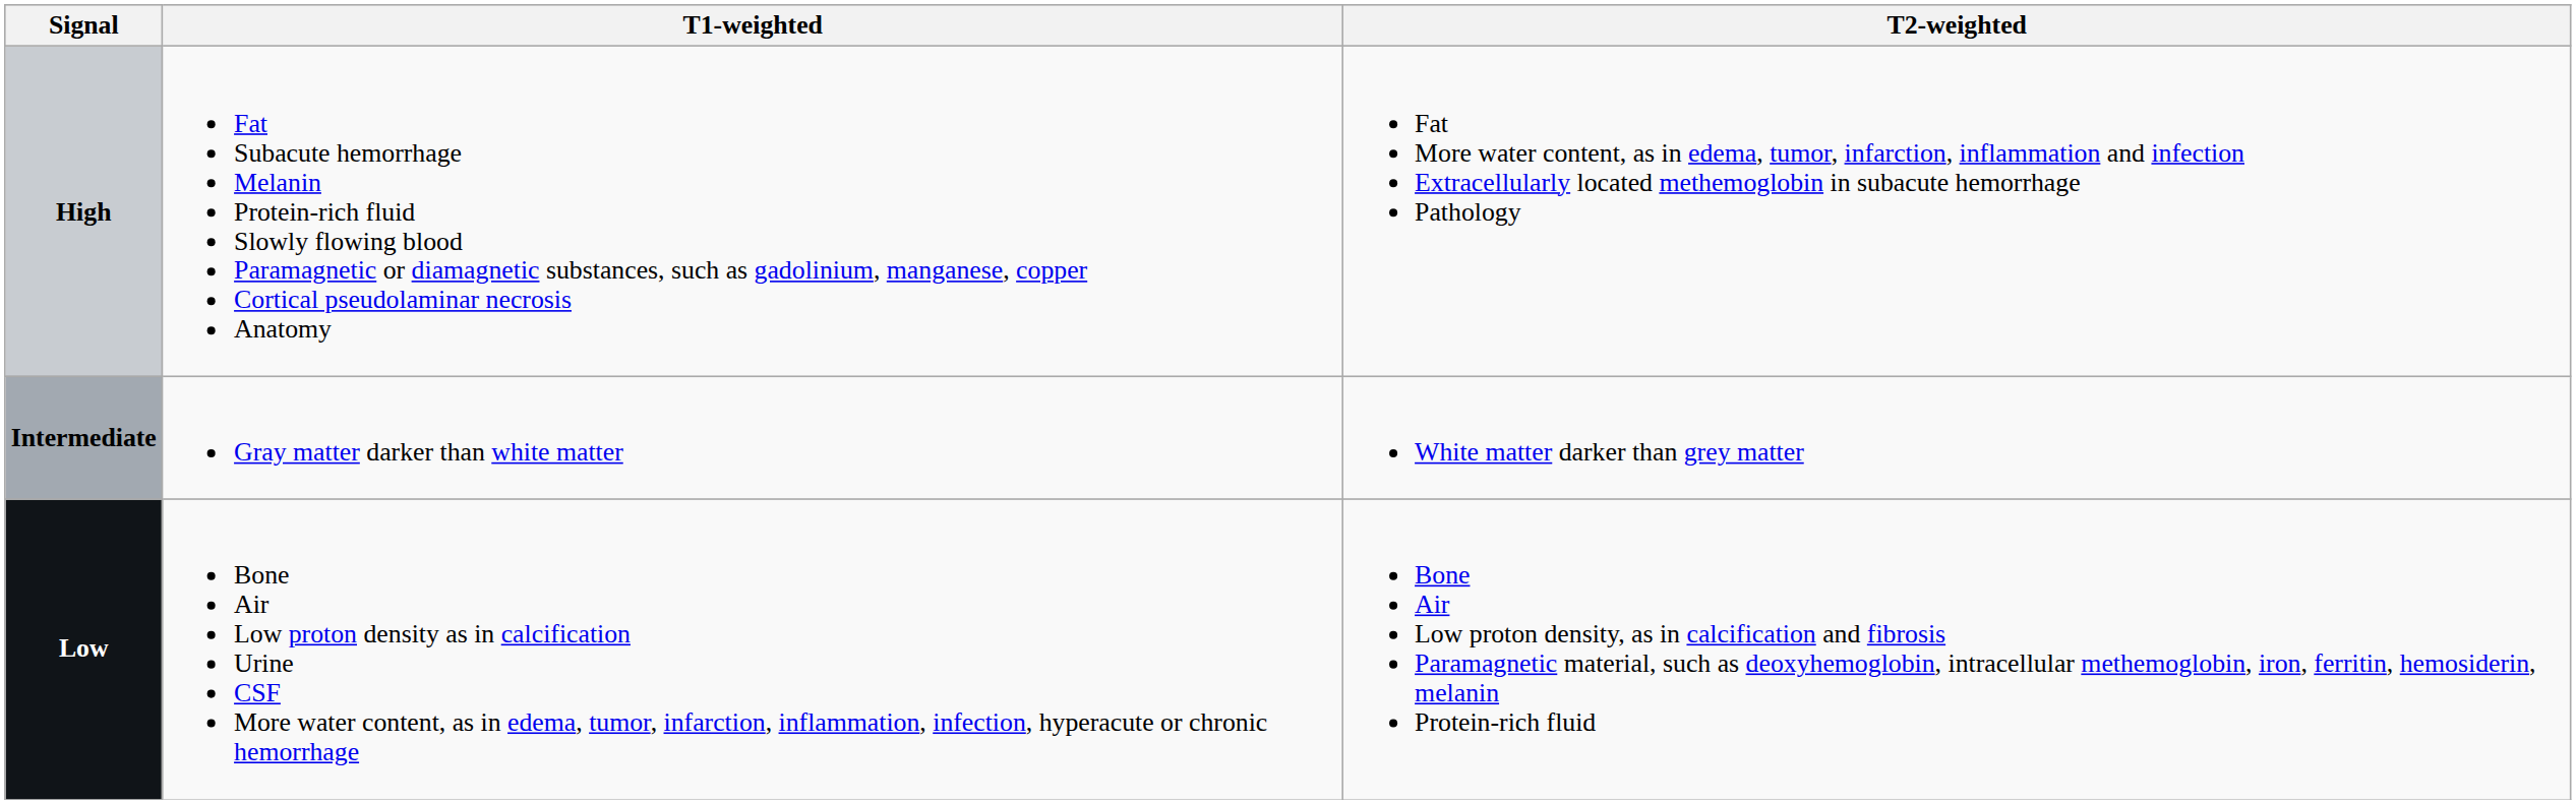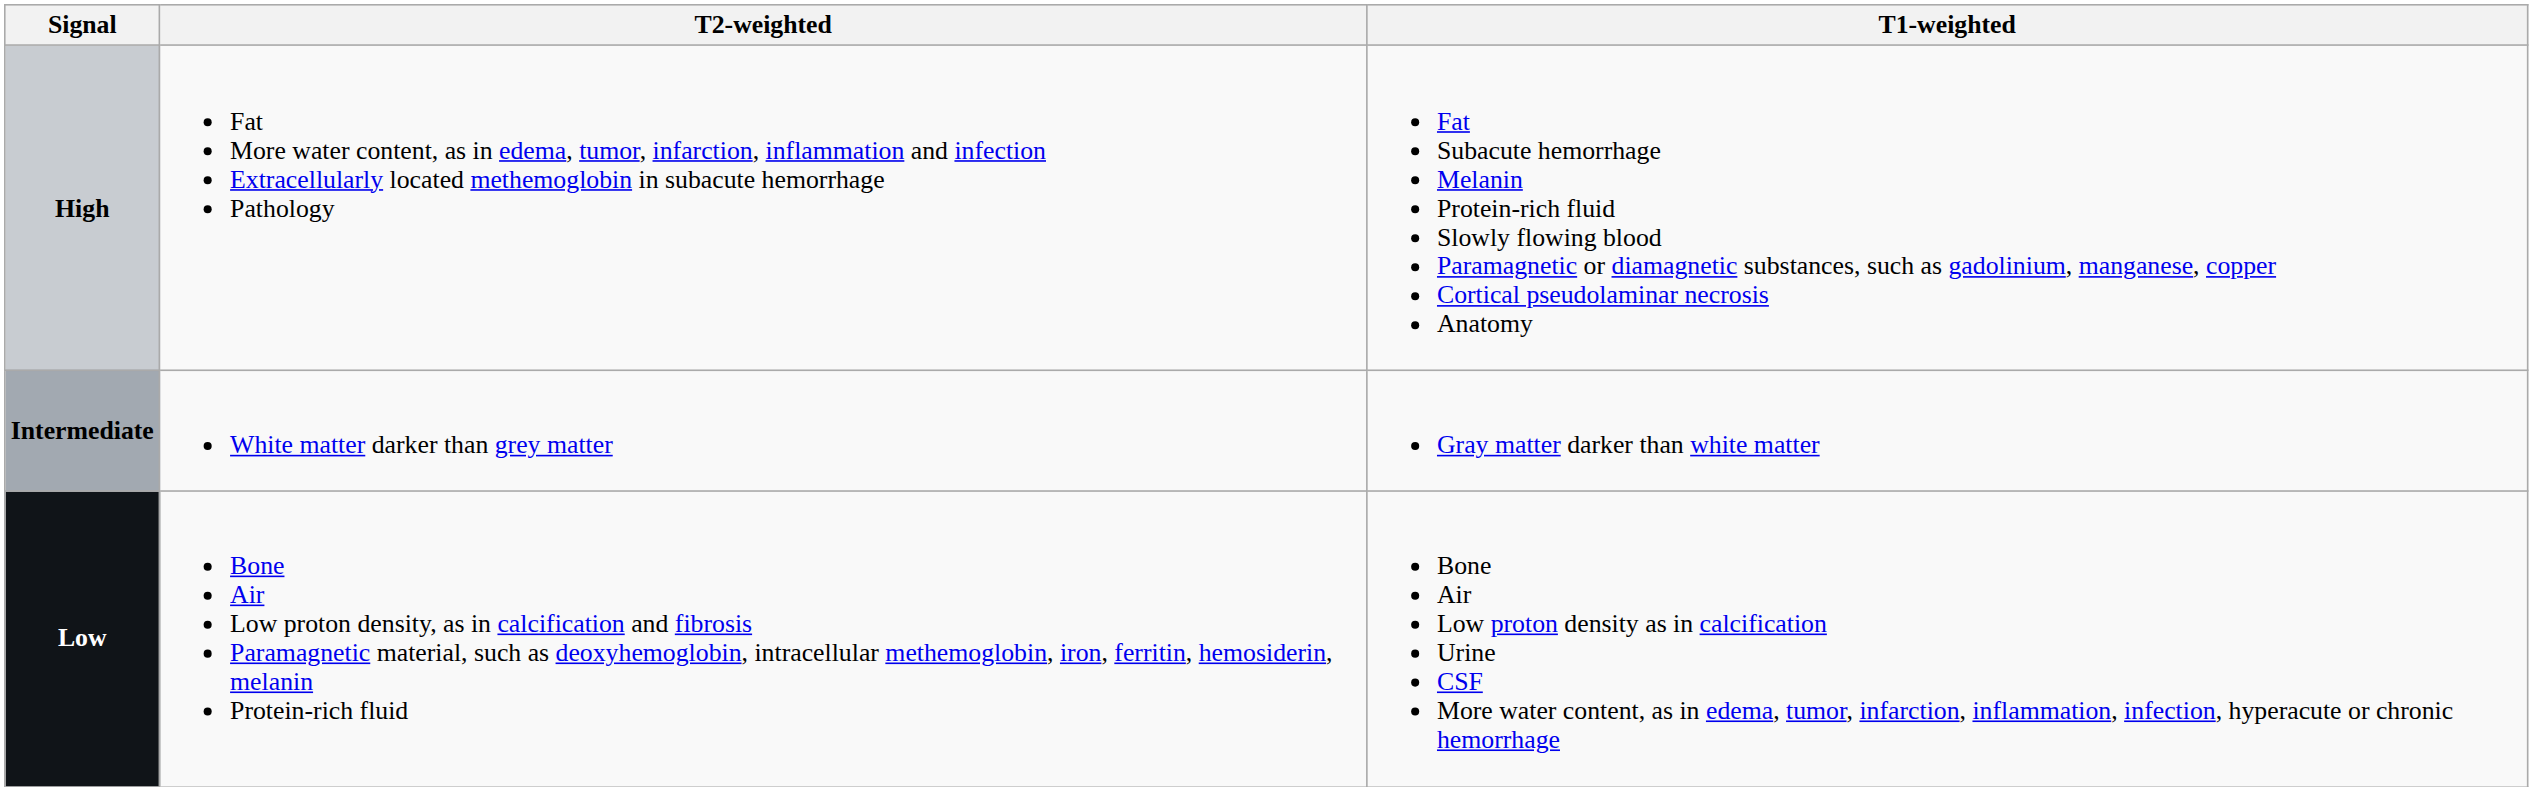 <table class="wikitable">
 <tr>
 <th scope="col">Signal</th>
+<th scope="col">T2-weighted</th>
 <th scope="col">T1-weighted</th>
-<th scope="col">T2-weighted</th>
 </tr>
 <tr>
 <th scope="row" style="background: #c8ccd1;">High</th>
+<td style="vertical-align:top;"><br><ul><li>Fat</li><li>More water content, as in <a href='#'>edema</a>, <a href='#'>tumor</a>, <a href='#'>infarction</a>, <a href='#'>inflammation</a> and <a href='#'>infection</a></li><li><a href='#'>Extracellularly</a> located <a href='#'>methemoglobin</a> in subacute hemorrhage</li><li>Pathology</li></ul></td>
 <td style="vertical-align:top;"><br><ul><li><a href='#'>Fat</a></li><li>Subacute hemorrhage</li><li><a href='#'>Melanin</a></li><li>Protein-rich fluid</li><li>Slowly flowing blood</li><li><a href='#'>Paramagnetic</a> or <a href='#'>diamagnetic</a> substances, such as <a href='#'>gadolinium</a>, <a href='#'>manganese</a>, <a href='#'>copper</a></li><li><a href='#'>Cortical pseudolaminar necrosis</a></li><li>Anatomy</li></ul></td>
-<td style="vertical-align:top;"><br><ul><li>Fat</li><li>More water content, as in <a href='#'>edema</a>, <a href='#'>tumor</a>, <a href='#'>infarction</a>, <a href='#'>inflammation</a> and <a href='#'>infection</a></li><li><a href='#'>Extracellularly</a> located <a href='#'>methemoglobin</a> in subacute hemorrhage</li><li>Pathology</li></ul></td>
 </tr>
 <tr>
 <th scope="row" style="background: #a2a9b1;">Intermediate</th>
+<td style="vertical-align:top;"><br><ul><li><a href='#'>White matter</a> darker than <a href='#'>grey matter</a></li></ul></td>
 <td style="vertical-align:top;"><br><ul><li><a href='#'>Gray matter</a> darker than <a href='#'>white matter</a></li></ul></td>
-<td style="vertical-align:top;"><br><ul><li><a href='#'>White matter</a> darker than <a href='#'>grey matter</a></li></ul></td>
 </tr>
 <tr>
 <th scope="row" style="background: #101418; color: #fff;">Low</th>
+<td style="vertical-align:top;"><br><ul><li><a href='#'>Bone</a></li><li><a href='#'>Air</a></li><li>Low proton density, as in <a href='#'>calcification</a> and <a href='#'>fibrosis</a></li><li><a href='#'>Paramagnetic</a> material, such as <a href='#'>deoxyhemoglobin</a>, intracellular <a href='#'>methemoglobin</a>, <a href='#'>iron</a>, <a href='#'>ferritin</a>, <a href='#'>hemosiderin</a>, <a href='#'>melanin</a></li><li>Protein-rich fluid</li></ul></td>
 <td style="vertical-align:top;"><br><ul><li>Bone</li><li>Air</li><li>Low <a href='#'>proton</a> density as in <a href='#'>calcification</a></li><li>Urine</li><li><a href='#'>CSF</a></li><li>More water content, as in <a href='#'>edema</a>, <a href='#'>tumor</a>, <a href='#'>infarction</a>, <a href='#'>inflammation</a>, <a href='#'>infection</a>, hyperacute or chronic <a href='#'>hemorrhage</a></li></ul></td>
-<td style="vertical-align:top;"><br><ul><li><a href='#'>Bone</a></li><li><a href='#'>Air</a></li><li>Low proton density, as in <a href='#'>calcification</a> and <a href='#'>fibrosis</a></li><li><a href='#'>Paramagnetic</a> material, such as <a href='#'>deoxyhemoglobin</a>, intracellular <a href='#'>methemoglobin</a>, <a href='#'>iron</a>, <a href='#'>ferritin</a>, <a href='#'>hemosiderin</a>, <a href='#'>melanin</a></li><li>Protein-rich fluid</li></ul></td>
 </tr>
 </table>
